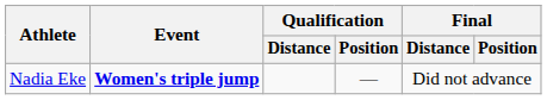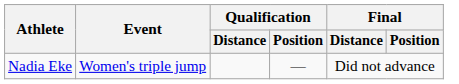 <table class=wikitable style="font-size:90%">
 <tr>
 <th rowspan="2">Athlete</th>
 <th rowspan="2">Event</th>
 <th colspan="2">Qualification</th>
 <th colspan="2">Final</th>
 </tr>
 <tr style="font-size:95%">
 <th>Distance</th>
 <th>Position</th>
 <th>Distance</th>
 <th>Position</th>
 </tr>
 <tr align=center>
 <td align=left><a href='#'>Nadia Eke</a></td>
-<td align=left><strong><a href='#'>Women's triple jump</a></strong></td>
+<td align=left><a href='#'>Women's triple jump</a></td>
 <td></td>
 <td>—</td>
 <td colspan="2">Did not advance</td>
 </tr>
 </table>
